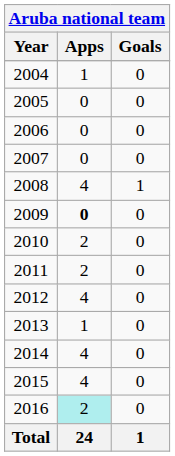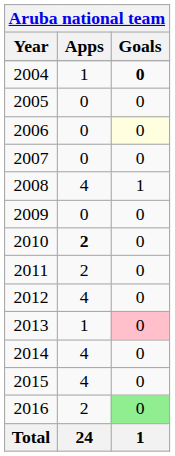 <table class="wikitable" style="text-align:center">
 <tr>
 <th colspan=3><a href='#'>Aruba national team</a></th>
 </tr>
 <tr>
 <th>Year</th>
 <th>Apps</th>
 <th>Goals</th>
 </tr>
 <tr>
 </tr>
 <tr>
 <td>2004</td>
 <td>1</td>
-<td>0</td>
+<td><strong>0</strong></td>
 </tr>
 <tr>
 <td>2005</td>
 <td>0</td>
 <td>0</td>
 </tr>
 <tr>
 <td>2006</td>
 <td>0</td>
-<td>0</td>
+<td style="background: lightyellow;">0</td>
 </tr>
 <tr>
 <td>2007</td>
 <td>0</td>
 <td>0</td>
 </tr>
 <tr>
 <td>2008</td>
 <td>4</td>
 <td>1</td>
 </tr>
 <tr>
 <td>2009</td>
-<td><strong>0</strong></td>
+<td>0</td>
 <td>0</td>
 </tr>
 <tr>
 <td>2010</td>
-<td>2</td>
+<td><strong>2</strong></td>
 <td>0</td>
 </tr>
 <tr>
 <td>2011</td>
 <td>2</td>
 <td>0</td>
 </tr>
 <tr>
 <td>2012</td>
 <td>4</td>
 <td>0</td>
 </tr>
 <tr>
 <td>2013</td>
 <td>1</td>
-<td>0</td>
+<td style="background: pink;">0</td>
 </tr>
 <tr>
 <td>2014</td>
 <td>4</td>
 <td>0</td>
 </tr>
 <tr>
 <td>2015</td>
 <td>4</td>
 <td>0</td>
 </tr>
 <tr>
 <td>2016</td>
-<td style="background: paleturquoise;">2</td>
-<td>0</td>
+<td>2</td>
+<td style="background: lightgreen;">0</td>
 </tr>
 <tr>
 <th>Total</th>
 <th>24</th>
 <th>1</th>
 </tr>
 </table>
